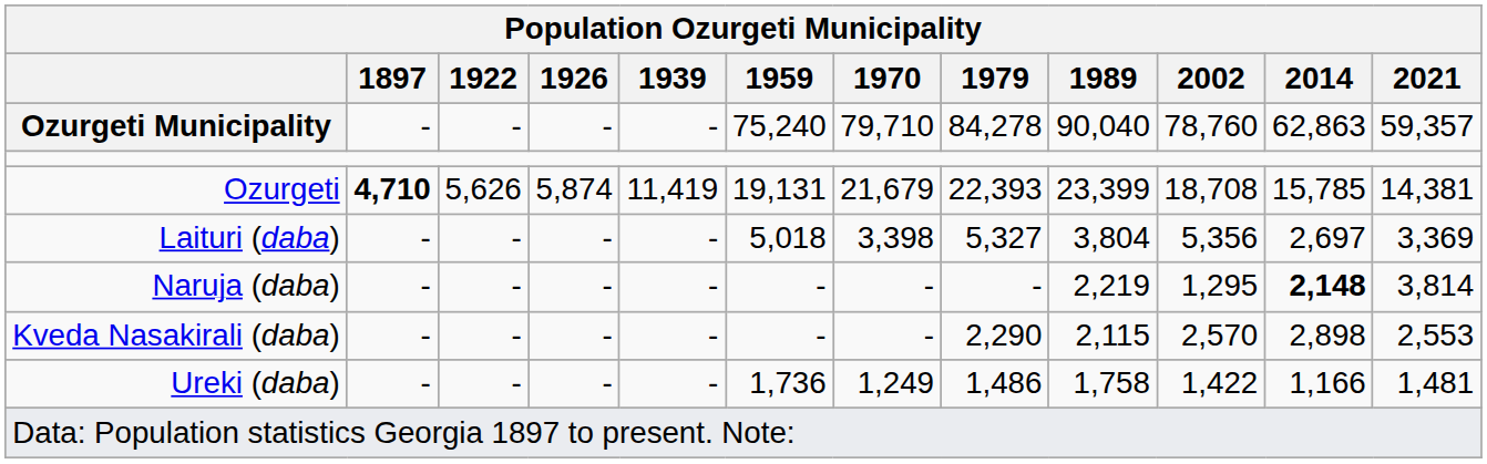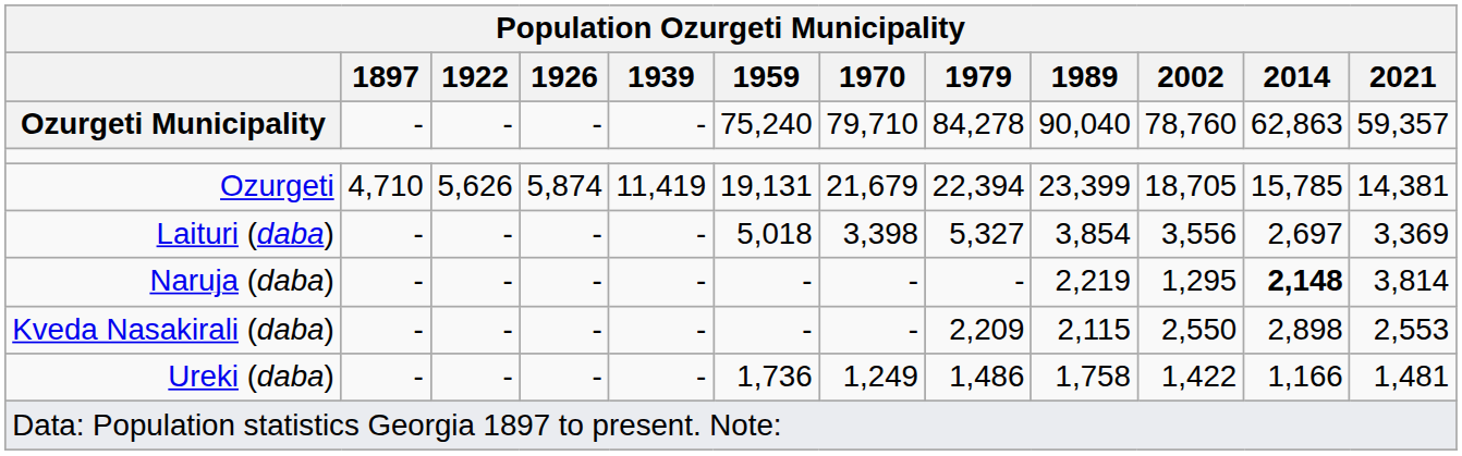 <table class="wikitable" style="text-align:right">
 <tr>
 <th colspan=19>Population Ozurgeti Municipality</th>
 </tr>
 <tr>
 <th></th>
 <th>1897</th>
 <th>1922</th>
 <th>1926</th>
 <th>1939</th>
 <th>1959</th>
 <th>1970</th>
 <th>1979</th>
 <th>1989</th>
 <th>2002</th>
 <th>2014</th>
 <th>2021</th>
 </tr>
 <tr>
 <th>Ozurgeti Municipality</th>
 <td>-</td>
 <td>-</td>
 <td>-</td>
 <td>-</td>
 <td>75,240</td>
 <td> 79,710</td>
 <td> 84,278</td>
 <td> 90,040</td>
 <td> 78,760</td>
 <td> 62,863</td>
 <td> 59,357</td>
 </tr>
 <tr>
 <td colspan=15></td>
 </tr>
 <tr>
 <td><a href='#'>Ozurgeti</a></td>
-<td><strong>4,710</strong></td>
+<td>4,710</td>
 <td> 5,626</td>
 <td> 5,874</td>
 <td> 11,419</td>
 <td> 19,131</td>
 <td> 21,679</td>
-<td> 22,393</td>
+<td> 22,394</td>
 <td> 23,399</td>
-<td> 18,708</td>
+<td> 18,705</td>
 <td> 15,785</td>
 <td> 14,381</td>
 </tr>
 <tr>
 <td><a href='#'>Laituri</a> (<a href='#'><em>daba</em></a>)</td>
 <td>-</td>
 <td>-</td>
 <td>-</td>
 <td>-</td>
 <td>5,018</td>
 <td> 3,398</td>
 <td> 5,327</td>
-<td> 3,804</td>
-<td> 5,356</td>
+<td> 3,854</td>
+<td> 3,556</td>
 <td> 2,697</td>
 <td> 3,369</td>
 </tr>
 <tr>
 <td><a href='#'>Naruja</a> (<em>daba</em>)</td>
 <td>-</td>
 <td>-</td>
 <td>-</td>
 <td>-</td>
 <td>-</td>
 <td>-</td>
 <td>-</td>
 <td>2,219</td>
 <td> 1,295</td>
 <td><strong> 2,148</strong></td>
 <td> 3,814</td>
 </tr>
 <tr>
 <td><a href='#'>Kveda Nasakirali</a> (<em>daba</em>)</td>
 <td>-</td>
 <td>-</td>
 <td>-</td>
 <td>-</td>
 <td>-</td>
 <td>-</td>
-<td>2,290</td>
+<td>2,209</td>
 <td> 2,115</td>
-<td> 2,570</td>
+<td> 2,550</td>
 <td> 2,898</td>
 <td> 2,553</td>
 </tr>
 <tr>
 <td><a href='#'>Ureki</a> (<em>daba</em>)</td>
 <td>-</td>
 <td>-</td>
 <td>-</td>
 <td>-</td>
 <td>1,736</td>
 <td> 1,249</td>
 <td> 1,486</td>
 <td> 1,758</td>
 <td> 1,422</td>
 <td> 1,166</td>
 <td> 1,481</td>
 </tr>
 <tr>
 <td colspan=15 class="wikitable" style="align:left;text-align:left;background-color:#eaecf0">Data: Population statistics Georgia 1897 to present. Note:</td>
 </tr>
 </table>
